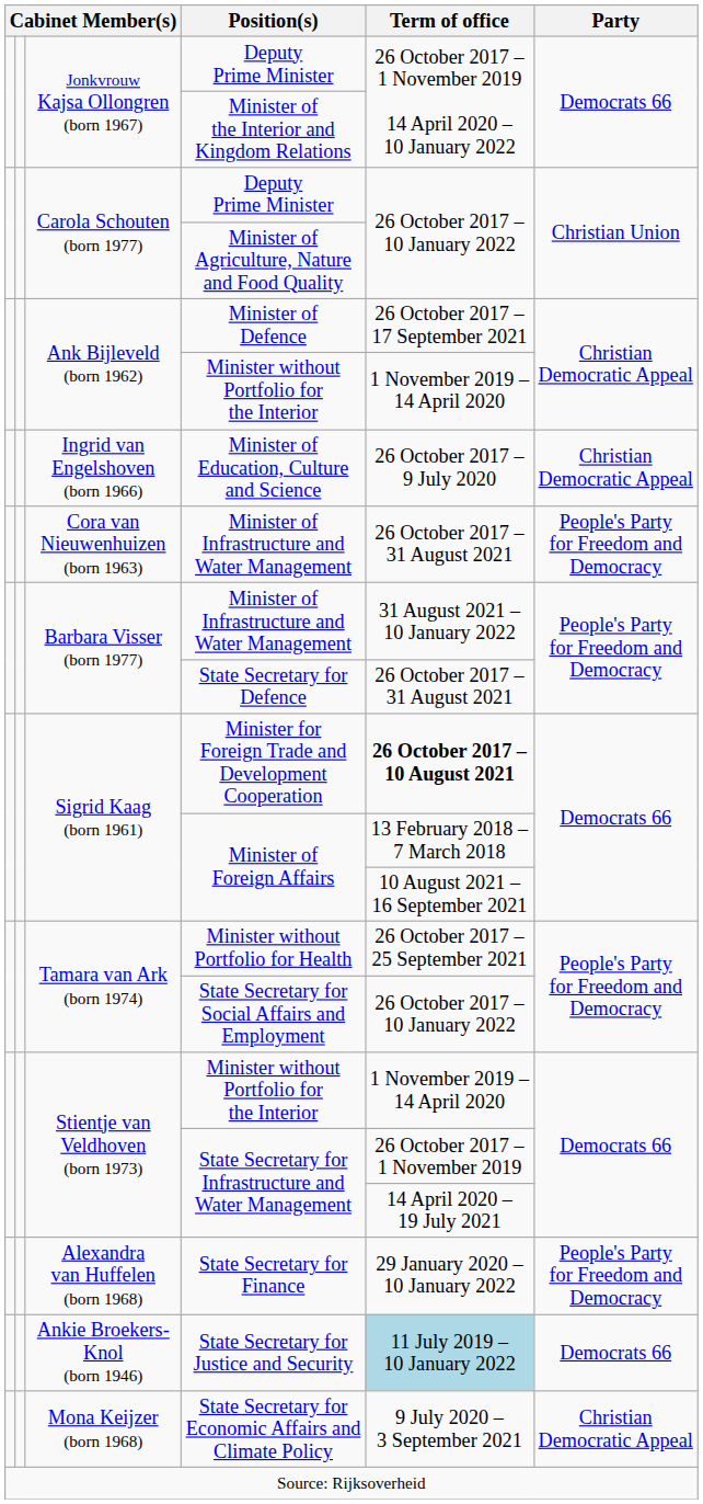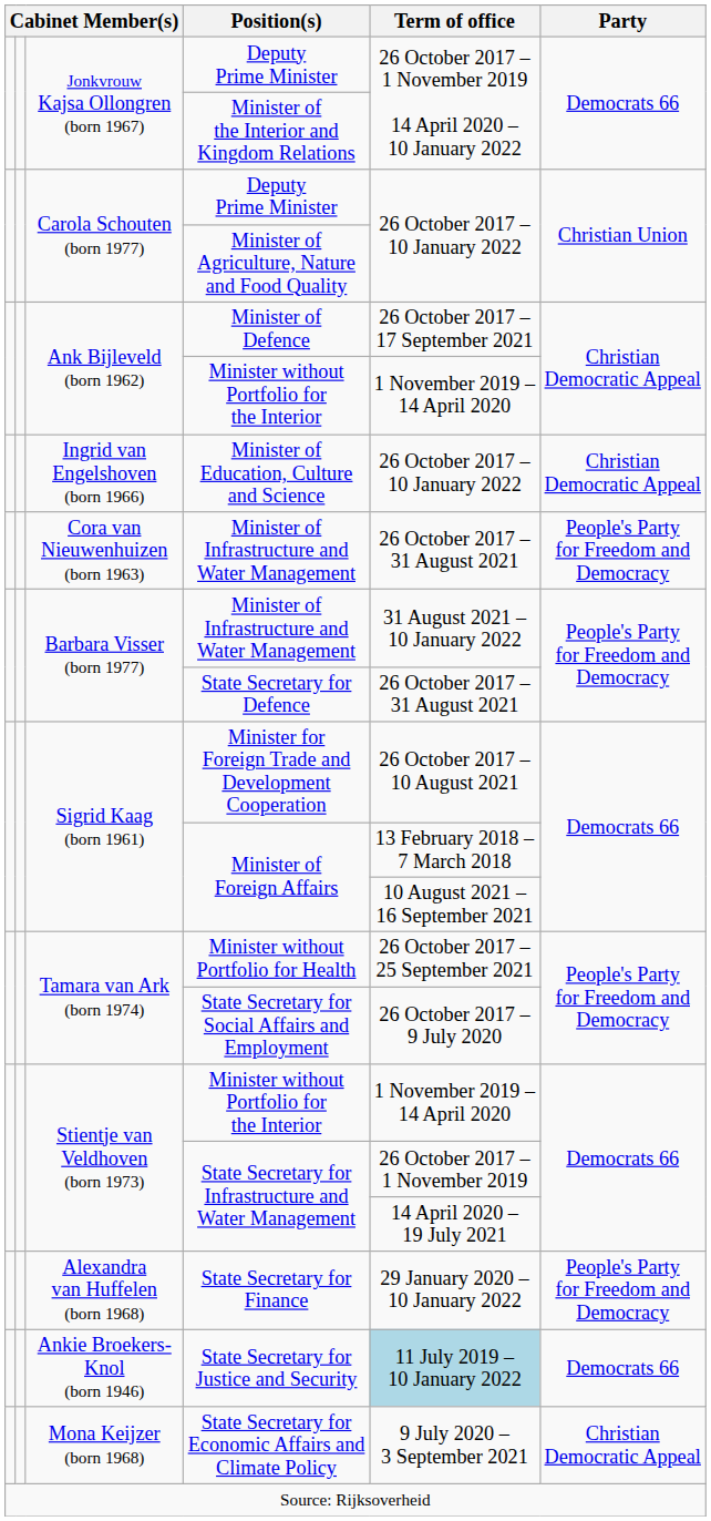 <table class="wikitable" style="text-align:center">
 <tr>
 <th colspan=3>Cabinet Member(s)</th>
 <th>Position(s)</th>
 <th>Term of office</th>
 <th>Party</th>
 </tr>
 <tr>
 <td rowspan=2 style="background:"></td>
 <td rowspan=2></td>
 <td rowspan=2><small><a href='#'>Jonkvrouw</a></small> <br> <a href='#'>Kajsa Ollongren</a> <br> <small>(born 1967)</small></td>
 <td><a href='#'>Deputy <br> Prime Minister</a></td>
 <td rowspan=2>26 October 2017 – <br> 1 November 2019 <br> <br> 14 April 2020 – <br> 10 January 2022</td>
 <td rowspan=2><a href='#'>Democrats 66</a></td>
 </tr>
 <tr>
 <td><a href='#'>Minister of <br> the Interior and <br> Kingdom Relations</a></td>
 </tr>
 <tr>
 <td rowspan=2 style="background:"></td>
 <td rowspan=2></td>
 <td rowspan=2><a href='#'>Carola Schouten</a> <br> <small>(born 1977)</small></td>
 <td><a href='#'>Deputy <br> Prime Minister</a></td>
 <td rowspan=2>26 October 2017 – <br> 10 January 2022</td>
 <td rowspan=2><a href='#'>Christian Union</a></td>
 </tr>
 <tr>
 <td><a href='#'>Minister of <br> Agriculture, Nature <br> and Food Quality</a></td>
 </tr>
 <tr>
 <td rowspan=2 style="background:"></td>
 <td rowspan=2></td>
 <td rowspan=2><a href='#'>Ank Bijleveld</a> <br> <small>(born 1962)</small></td>
 <td><a href='#'>Minister of <br> Defence</a></td>
 <td>26 October 2017 – <br> 17 September 2021</td>
 <td rowspan=2><a href='#'>Christian <br> Democratic Appeal</a></td>
 </tr>
 <tr>
 <td><a href='#'>Minister without <br> Portfolio for <br> the Interior</a> <br> </td>
 <td>1 November 2019 – <br> 14 April 2020</td>
 </tr>
 <tr>
 <td style="background:"></td>
 <td></td>
 <td><a href='#'>Ingrid van <br> Engelshoven</a> <br> <small>(born 1966)</small></td>
 <td><a href='#'>Minister of <br> Education, Culture <br> and Science</a></td>
-<td>26 October 2017 – <br> 9 July 2020</td>
+<td>26 October 2017 – <br> 10 January 2022</td>
 <td><a href='#'>Christian <br> Democratic Appeal</a></td>
 </tr>
 <tr>
 <td style="background:"></td>
 <td></td>
 <td><a href='#'>Cora van <br> Nieuwenhuizen</a> <br> <small>(born 1963)</small></td>
 <td><a href='#'>Minister of <br> Infrastructure and <br> Water Management</a></td>
 <td>26 October 2017 – <br> 31 August 2021</td>
 <td><a href='#'>People's Party <br> for Freedom and <br> Democracy</a></td>
 </tr>
 <tr>
 <td rowspan=2 style="background:"></td>
 <td rowspan=2></td>
 <td rowspan=2><a href='#'>Barbara Visser</a> <br> <small>(born 1977)</small></td>
 <td><a href='#'>Minister of <br> Infrastructure and <br> Water Management</a></td>
 <td>31 August 2021 – <br> 10 January 2022</td>
 <td rowspan=2><a href='#'>People's Party <br> for Freedom and <br> Democracy</a></td>
 </tr>
 <tr>
 <td><a href='#'>State Secretary for <br> Defence</a></td>
 <td>26 October 2017 – <br> 31 August 2021</td>
 </tr>
 <tr>
 <td rowspan=3 style="background:"></td>
 <td rowspan=3></td>
 <td rowspan=3><a href='#'>Sigrid Kaag</a> <br> <small>(born 1961)</small></td>
 <td><a href='#'>Minister for <br> Foreign Trade and <br> Development <br> Cooperation</a></td>
-<td><strong>26 October 2017 – <br> 10 August 2021</strong></td>
+<td>26 October 2017 – <br> 10 August 2021</td>
 <td rowspan=3><a href='#'>Democrats 66</a></td>
 </tr>
 <tr>
 <td rowspan=2><a href='#'>Minister of <br> Foreign Affairs</a></td>
 <td>13 February 2018 – <br> 7 March 2018 <br> </td>
 </tr>
 <tr>
 <td>10 August 2021 – <br> 16 September 2021</td>
 </tr>
 <tr>
 <td rowspan=2 style="background:"></td>
 <td rowspan=2></td>
 <td rowspan=2><a href='#'>Tamara van Ark</a> <br> <small>(born 1974)</small></td>
 <td><a href='#'>Minister without <br> Portfolio for Health</a></td>
 <td>26 October 2017 – <br> 25 September 2021</td>
 <td rowspan=2><a href='#'>People's Party <br> for Freedom and <br> Democracy</a></td>
 </tr>
 <tr>
 <td><a href='#'>State Secretary for <br> Social Affairs and <br> Employment</a></td>
-<td>26 October 2017 – <br> 10 January 2022</td>
+<td>26 October 2017 – <br> 9 July 2020</td>
 </tr>
 <tr>
 <td rowspan=3 style="background:"></td>
 <td rowspan=3></td>
 <td rowspan=3><a href='#'>Stientje van <br> Veldhoven</a> <br> <small>(born 1973)</small></td>
 <td><a href='#'>Minister without <br> Portfolio for <br> the Interior</a>  <br> </td>
 <td>1 November 2019 – <br> 14 April 2020</td>
 <td rowspan=3><a href='#'>Democrats 66</a></td>
 </tr>
 <tr>
 <td rowspan=2><a href='#'>State Secretary for <br> Infrastructure and <br> Water Management</a></td>
 <td>26 October 2017 – <br> 1 November 2019</td>
 </tr>
 <tr>
 <td>14 April 2020 – <br> 19 July 2021</td>
 </tr>
 <tr>
 <td style="background:"></td>
 <td></td>
 <td><a href='#'>Alexandra <br> van Huffelen</a> <br> <small>(born 1968)</small></td>
 <td><a href='#'>State Secretary for <br> Finance</a></td>
 <td>29 January 2020 – <br> 10 January 2022</td>
 <td><a href='#'>People's Party <br> for Freedom and <br> Democracy</a></td>
 </tr>
 <tr>
 <td style="background:"></td>
 <td></td>
 <td><a href='#'>Ankie Broekers-<br>Knol</a> <br> <small>(born 1946)</small></td>
 <td><a href='#'>State Secretary for <br> Justice and Security</a></td>
 <td style="background: lightblue;">11 July 2019 – <br> 10 January 2022</td>
 <td><a href='#'>Democrats 66</a></td>
 </tr>
 <tr>
 <td style="background:"></td>
 <td></td>
 <td><a href='#'>Mona Keijzer</a> <br> <small>(born 1968)</small></td>
 <td><a href='#'>State Secretary for <br> Economic Affairs and <br> Climate Policy</a></td>
 <td>9 July 2020 – <br> 3 September 2021</td>
 <td><a href='#'>Christian <br> Democratic Appeal</a></td>
 </tr>
 <tr>
 <td colspan=9><small>Source:   Rijksoverheid</small></td>
 </tr>
 </table>
